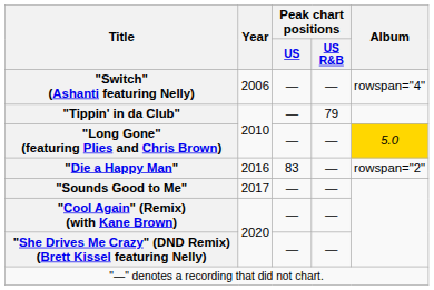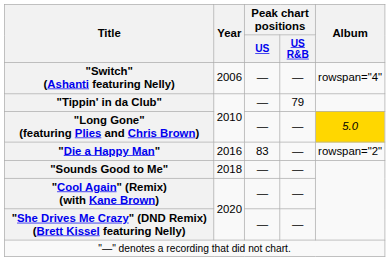 <table class="wikitable plainrowheaders" style="text-align:center;">
 <tr>
 <th scope="col" rowspan="2" style="width:18em;">Title</th>
 <th scope="col" rowspan="2">Year</th>
 <th scope="col" colspan="2">Peak chart positions</th>
 <th scope="col" rowspan="2">Album</th>
 </tr>
 <tr>
 <th scope="col" style="width:3em;font-size:90%;"><a href='#'>US</a></th>
 <th scope="col" style="width:3em;font-size:90%;"><a href='#'>US<br>R&B</a><br></th>
 </tr>
 <tr>
 <th scope="row">"Switch"<br><span>(<a href='#'>Ashanti</a> featuring Nelly)</span></th>
 <td>2006</td>
 <td>—</td>
 <td>—</td>
 <td>rowspan="4" </td>
 </tr>
 <tr>
 <th scope="row">"Tippin' in da Club"</th>
 <td rowspan="2">2010</td>
 <td>—</td>
 <td>79</td>
 </tr>
 <tr>
 <th scope="row">"Long Gone"<br><span>(featuring <a href='#'>Plies</a> and <a href='#'>Chris Brown</a>)</span></th>
 <td>—</td>
 <td>—</td>
 <td style="background: gold;"><em>5.0</em></td>
 </tr>
 <tr>
 <th scope="row">"<a href='#'>Die a Happy Man</a>" <br> </th>
 <td>2016</td>
 <td>83</td>
 <td>—</td>
 <td>rowspan="2" </td>
 </tr>
 <tr>
 <th scope="row">"Sounds Good to Me"</th>
-<td>2017</td>
+<td>2018</td>
 <td>—</td>
 <td>—</td>
 </tr>
 <tr>
 <th scope="row">"<a href='#'>Cool Again</a>" (Remix)<br><span>(with <a href='#'>Kane Brown</a>)</span></th>
 <td rowspan="2">2020</td>
 <td>—</td>
 <td>—</td>
 </tr>
 <tr>
 <th scope="row">"<a href='#'>She Drives Me Crazy</a>" (DND Remix)<br><span>(<a href='#'>Brett Kissel</a> featuring Nelly)</span></th>
 <td>—</td>
 <td>—</td>
 </tr>
 <tr>
 <td colspan="14" style="font-size:90%">"—" denotes a recording that did not chart.</td>
 </tr>
 </table>
